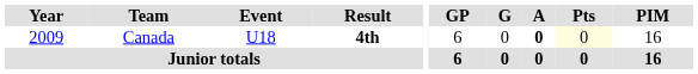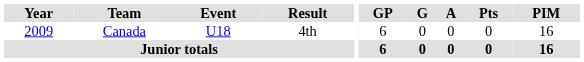 <table border="0" cellpadding="1" cellspacing="0" ID="Table3" style="text-align:center; width:40em">
 <tr bgcolor="#e0e0e0">
 <th>Year</th>
 <th>Team</th>
 <th>Event</th>
 <th>Result</th>
 <th rowspan="99" bgcolor="#ffffff"></th>
 <th>GP</th>
 <th>G</th>
 <th>A</th>
 <th>Pts</th>
 <th>PIM</th>
 </tr>
 <tr>
 <td><a href='#'>2009</a></td>
 <td><a href='#'>Canada</a></td>
 <td><a href='#'>U18</a></td>
-<td><strong>4th</strong></td>
+<td>4th</td>
 <td>6</td>
 <td>0</td>
-<td><strong>0</strong></td>
-<td style="background: lightyellow;">0</td>
+<td>0</td>
+<td>0</td>
 <td>16</td>
 </tr>
 <tr bgcolor="#e0e0e0">
 <th colspan="4">Junior totals</th>
 <th>6</th>
 <th>0</th>
 <th>0</th>
 <th>0</th>
 <th>16</th>
 </tr>
 </table>
